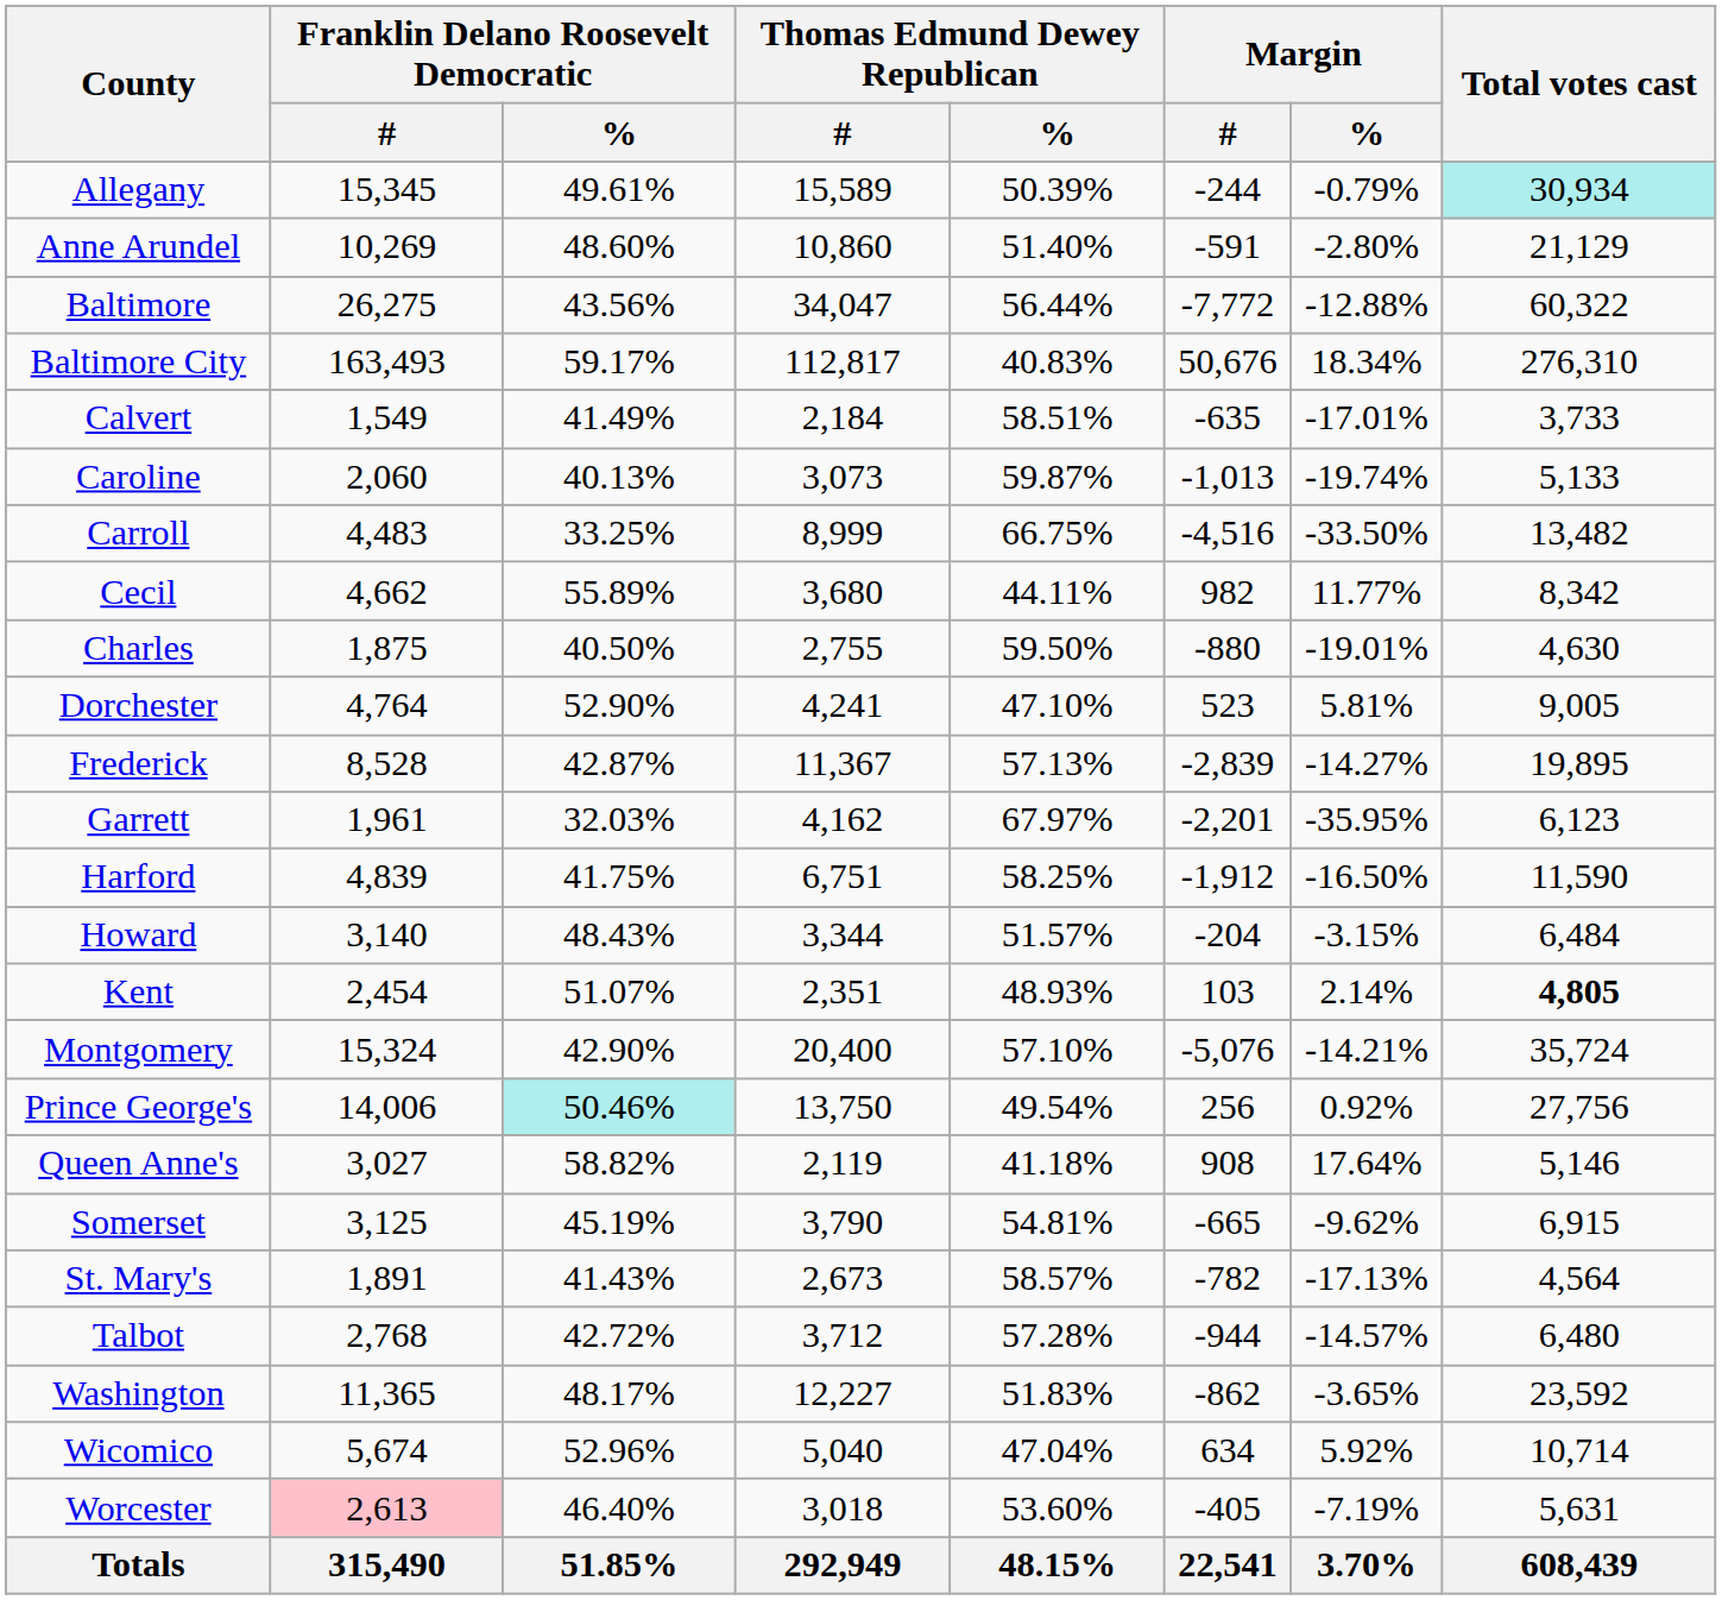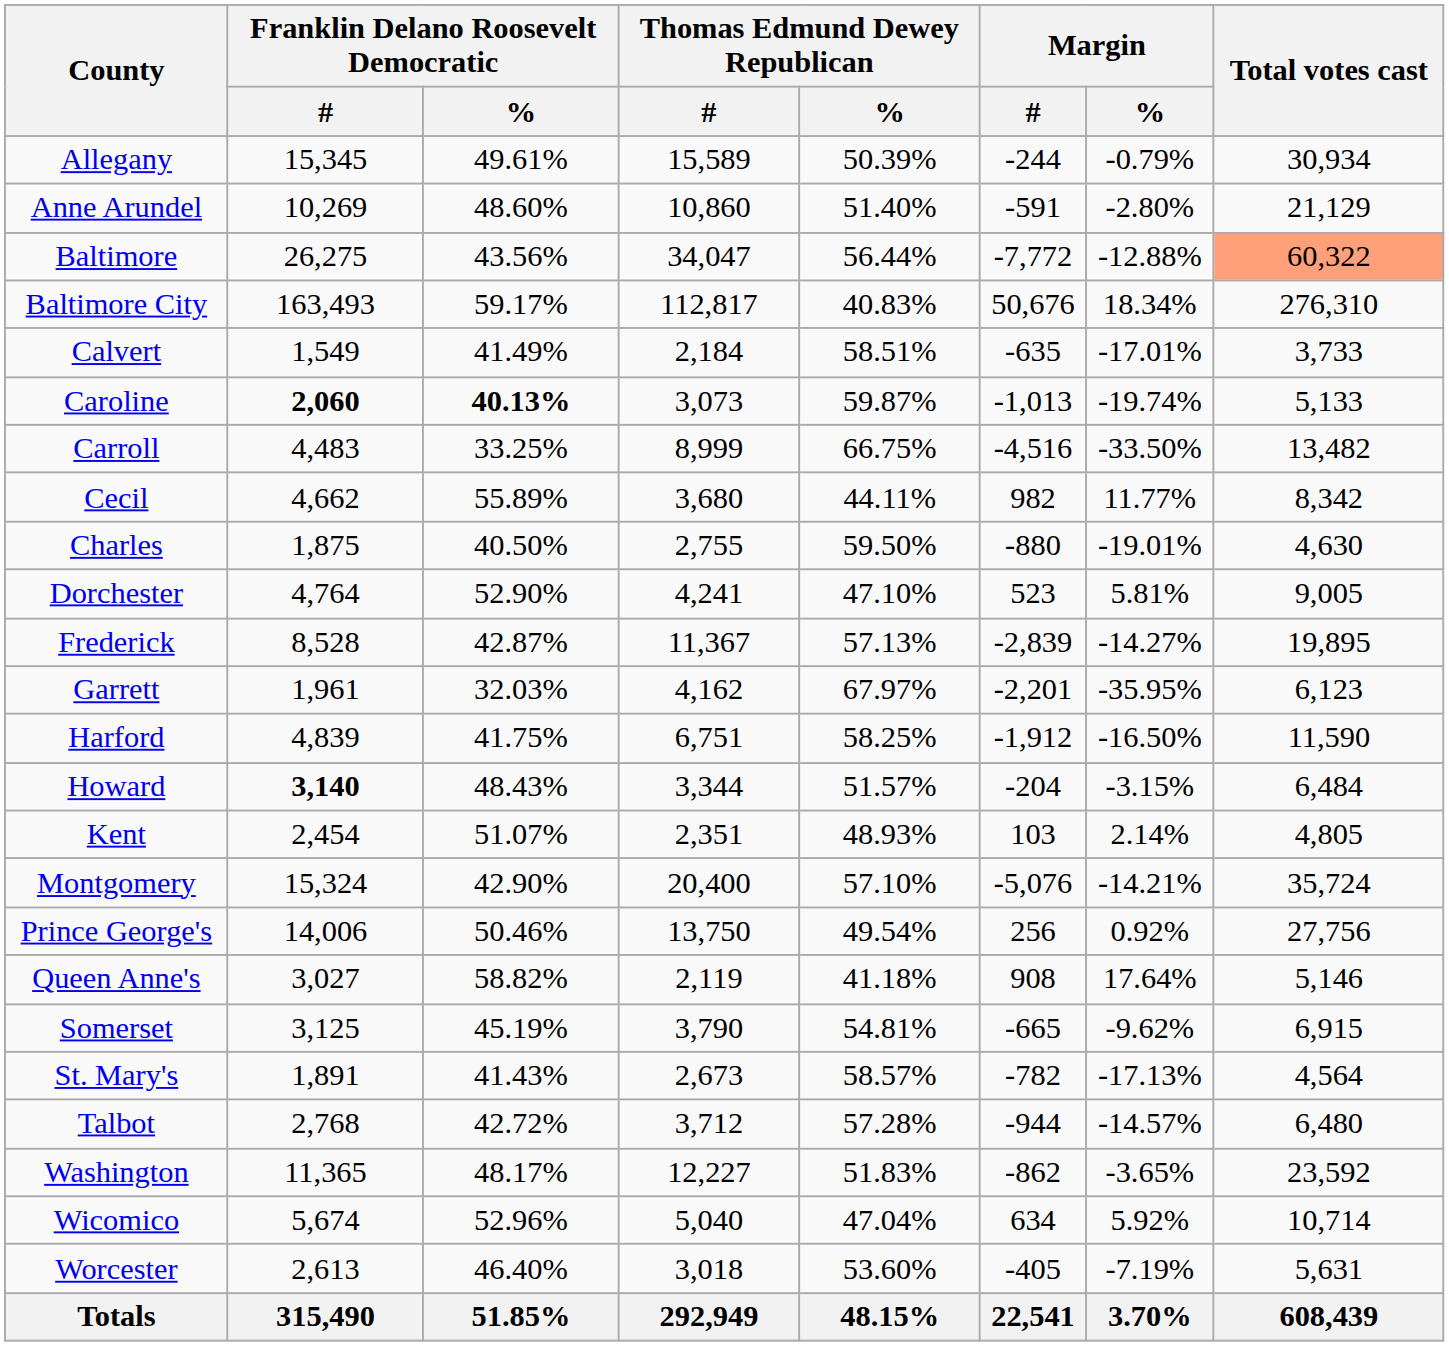 <table width="60%"  class="wikitable sortable" style="text-align:center">
 <tr>
 <th style="text-align:center;" rowspan="2">County</th>
 <th style="text-align:center;" colspan="2">Franklin Delano Roosevelt<br>Democratic</th>
 <th style="text-align:center;" colspan="2">Thomas Edmund Dewey<br>Republican</th>
 <th style="text-align:center;" colspan="2">Margin</th>
 <th style="text-align:center;" rowspan="2">Total votes cast</th>
 </tr>
 <tr>
 <th style="text-align:center;" data-sort-type="number">#</th>
 <th style="text-align:center;" data-sort-type="number">%</th>
 <th style="text-align:center;" data-sort-type="number">#</th>
 <th style="text-align:center;" data-sort-type="number">%</th>
 <th style="text-align:center;" data-sort-type="number">#</th>
 <th style="text-align:center;" data-sort-type="number">%</th>
 </tr>
 <tr style="text-align:center;">
 <td><a href='#'>Allegany</a></td>
 <td>15,345</td>
 <td>49.61%</td>
 <td>15,589</td>
 <td>50.39%</td>
 <td>-244</td>
 <td>-0.79%</td>
-<td style="background: paleturquoise;">30,934</td>
+<td>30,934</td>
 </tr>
 <tr style="text-align:center;">
 <td><a href='#'>Anne Arundel</a></td>
 <td>10,269</td>
 <td>48.60%</td>
 <td>10,860</td>
 <td>51.40%</td>
 <td>-591</td>
 <td>-2.80%</td>
 <td>21,129</td>
 </tr>
 <tr style="text-align:center;">
 <td><a href='#'>Baltimore</a></td>
 <td>26,275</td>
 <td>43.56%</td>
 <td>34,047</td>
 <td>56.44%</td>
 <td>-7,772</td>
 <td>-12.88%</td>
-<td>60,322</td>
+<td style="background: lightsalmon;">60,322</td>
 </tr>
 <tr style="text-align:center;">
 <td><a href='#'>Baltimore City</a></td>
 <td>163,493</td>
 <td>59.17%</td>
 <td>112,817</td>
 <td>40.83%</td>
 <td>50,676</td>
 <td>18.34%</td>
 <td>276,310</td>
 </tr>
 <tr style="text-align:center;">
 <td><a href='#'>Calvert</a></td>
 <td>1,549</td>
 <td>41.49%</td>
 <td>2,184</td>
 <td>58.51%</td>
 <td>-635</td>
 <td>-17.01%</td>
 <td>3,733</td>
 </tr>
 <tr style="text-align:center;">
 <td><a href='#'>Caroline</a></td>
-<td>2,060</td>
-<td>40.13%</td>
+<td><strong>2,060</strong></td>
+<td><strong>40.13%</strong></td>
 <td>3,073</td>
 <td>59.87%</td>
 <td>-1,013</td>
 <td>-19.74%</td>
 <td>5,133</td>
 </tr>
 <tr style="text-align:center;">
 <td><a href='#'>Carroll</a></td>
 <td>4,483</td>
 <td>33.25%</td>
 <td>8,999</td>
 <td>66.75%</td>
 <td>-4,516</td>
 <td>-33.50%</td>
 <td>13,482</td>
 </tr>
 <tr style="text-align:center;">
 <td><a href='#'>Cecil</a></td>
 <td>4,662</td>
 <td>55.89%</td>
 <td>3,680</td>
 <td>44.11%</td>
 <td>982</td>
 <td>11.77%</td>
 <td>8,342</td>
 </tr>
 <tr style="text-align:center;">
 <td><a href='#'>Charles</a></td>
 <td>1,875</td>
 <td>40.50%</td>
 <td>2,755</td>
 <td>59.50%</td>
 <td>-880</td>
 <td>-19.01%</td>
 <td>4,630</td>
 </tr>
 <tr style="text-align:center;">
 <td><a href='#'>Dorchester</a></td>
 <td>4,764</td>
 <td>52.90%</td>
 <td>4,241</td>
 <td>47.10%</td>
 <td>523</td>
 <td>5.81%</td>
 <td>9,005</td>
 </tr>
 <tr style="text-align:center;">
 <td><a href='#'>Frederick</a></td>
 <td>8,528</td>
 <td>42.87%</td>
 <td>11,367</td>
 <td>57.13%</td>
 <td>-2,839</td>
 <td>-14.27%</td>
 <td>19,895</td>
 </tr>
 <tr style="text-align:center;">
 <td><a href='#'>Garrett</a></td>
 <td>1,961</td>
 <td>32.03%</td>
 <td>4,162</td>
 <td>67.97%</td>
 <td>-2,201</td>
 <td>-35.95%</td>
 <td>6,123</td>
 </tr>
 <tr style="text-align:center;">
 <td><a href='#'>Harford</a></td>
 <td>4,839</td>
 <td>41.75%</td>
 <td>6,751</td>
 <td>58.25%</td>
 <td>-1,912</td>
 <td>-16.50%</td>
 <td>11,590</td>
 </tr>
 <tr style="text-align:center;">
 <td><a href='#'>Howard</a></td>
-<td>3,140</td>
+<td><strong>3,140</strong></td>
 <td>48.43%</td>
 <td>3,344</td>
 <td>51.57%</td>
 <td>-204</td>
 <td>-3.15%</td>
 <td>6,484</td>
 </tr>
 <tr style="text-align:center;">
 <td><a href='#'>Kent</a></td>
 <td>2,454</td>
 <td>51.07%</td>
 <td>2,351</td>
 <td>48.93%</td>
 <td>103</td>
 <td>2.14%</td>
-<td><strong>4,805</strong></td>
+<td>4,805</td>
 </tr>
 <tr style="text-align:center;">
 <td><a href='#'>Montgomery</a></td>
 <td>15,324</td>
 <td>42.90%</td>
 <td>20,400</td>
 <td>57.10%</td>
 <td>-5,076</td>
 <td>-14.21%</td>
 <td>35,724</td>
 </tr>
 <tr style="text-align:center;">
 <td><a href='#'>Prince George's</a></td>
 <td>14,006</td>
-<td style="background: paleturquoise;">50.46%</td>
+<td>50.46%</td>
 <td>13,750</td>
 <td>49.54%</td>
 <td>256</td>
 <td>0.92%</td>
 <td>27,756</td>
 </tr>
 <tr style="text-align:center;">
 <td><a href='#'>Queen Anne's</a></td>
 <td>3,027</td>
 <td>58.82%</td>
 <td>2,119</td>
 <td>41.18%</td>
 <td>908</td>
 <td>17.64%</td>
 <td>5,146</td>
 </tr>
 <tr style="text-align:center;">
 <td><a href='#'>Somerset</a></td>
 <td>3,125</td>
 <td>45.19%</td>
 <td>3,790</td>
 <td>54.81%</td>
 <td>-665</td>
 <td>-9.62%</td>
 <td>6,915</td>
 </tr>
 <tr style="text-align:center;">
 <td><a href='#'>St. Mary's</a></td>
 <td>1,891</td>
 <td>41.43%</td>
 <td>2,673</td>
 <td>58.57%</td>
 <td>-782</td>
 <td>-17.13%</td>
 <td>4,564</td>
 </tr>
 <tr style="text-align:center;">
 <td><a href='#'>Talbot</a></td>
 <td>2,768</td>
 <td>42.72%</td>
 <td>3,712</td>
 <td>57.28%</td>
 <td>-944</td>
 <td>-14.57%</td>
 <td>6,480</td>
 </tr>
 <tr style="text-align:center;">
 <td><a href='#'>Washington</a></td>
 <td>11,365</td>
 <td>48.17%</td>
 <td>12,227</td>
 <td>51.83%</td>
 <td>-862</td>
 <td>-3.65%</td>
 <td>23,592</td>
 </tr>
 <tr style="text-align:center;">
 <td><a href='#'>Wicomico</a></td>
 <td>5,674</td>
 <td>52.96%</td>
 <td>5,040</td>
 <td>47.04%</td>
 <td>634</td>
 <td>5.92%</td>
 <td>10,714</td>
 </tr>
 <tr style="text-align:center;">
 <td><a href='#'>Worcester</a></td>
-<td style="background: pink;">2,613</td>
+<td>2,613</td>
 <td>46.40%</td>
 <td>3,018</td>
 <td>53.60%</td>
 <td>-405</td>
 <td>-7.19%</td>
 <td>5,631</td>
 </tr>
 <tr style="text-align:center;">
 <th>Totals</th>
 <th>315,490</th>
 <th>51.85%</th>
 <th>292,949</th>
 <th>48.15%</th>
 <th>22,541</th>
 <th>3.70%</th>
 <th>608,439</th>
 </tr>
 </table>
